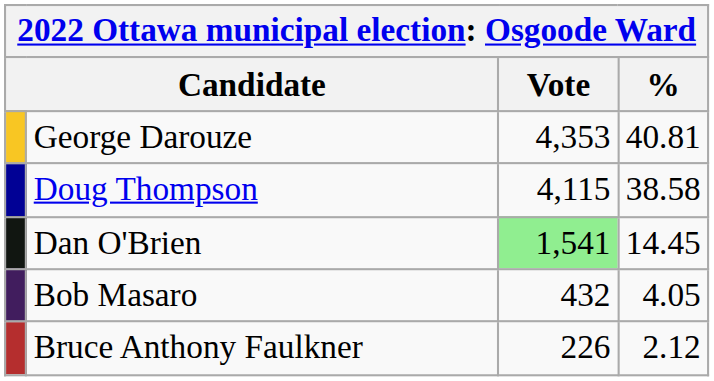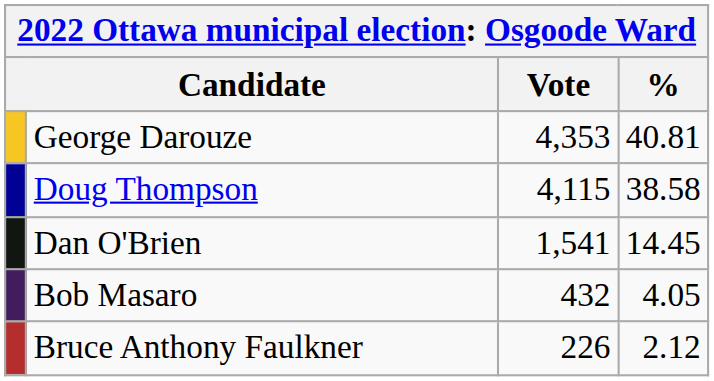 <table class="wikitable">
 <tr>
 <th colspan="4"><a href='#'>2022 Ottawa municipal election</a>: <a href='#'>Osgoode Ward</a></th>
 </tr>
 <tr>
 <th bgcolor="#DDDDFF" width="230px" colspan="2">Candidate</th>
 <th bgcolor="#DDDDFF" width="50px">Vote</th>
 <th bgcolor="#DDDDFF" width="30px">%</th>
 </tr>
 <tr>
 <td style="background-color:#F8C623;"></td>
 <td style="text-align:left;">George Darouze</td>
 <td style="text-align:right;">4,353</td>
 <td style="text-align:right;">40.81</td>
 </tr>
 <tr>
 <td style="background-color:#010195;"></td>
 <td style="text-align:left;"><a href='#'>Doug Thompson</a></td>
 <td style="text-align:right;">4,115</td>
 <td style="text-align:right;">38.58</td>
 </tr>
 <tr>
 <td style="background-color:#111611;"></td>
 <td style="text-align:left;">Dan O'Brien</td>
-<td style="background: lightgreen; text-align:right;">1,541</td>
+<td style="text-align:right;">1,541</td>
 <td style="text-align:right;">14.45</td>
 </tr>
 <tr>
 <td style="background-color:#411d5e;"></td>
 <td style="text-align:left;">Bob Masaro</td>
 <td style="text-align:right;">432</td>
 <td style="text-align:right;">4.05</td>
 </tr>
 <tr>
 <td style="background-color:#B52E2E;"></td>
 <td style="text-align:left;">Bruce Anthony Faulkner</td>
 <td style="text-align:right;">226</td>
 <td style="text-align:right;">2.12</td>
 </tr>
 </table>
